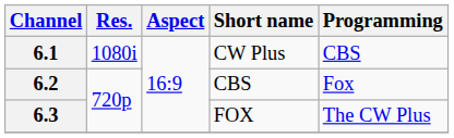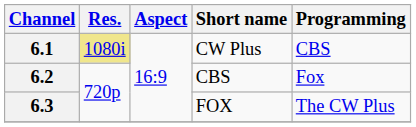 <table class="wikitable">
 <tr>
 <th><a href='#'>Channel</a></th>
 <th><a href='#'>Res.</a></th>
 <th><a href='#'>Aspect</a></th>
 <th>Short name</th>
 <th>Programming</th>
 </tr>
 <tr>
 <th scope = "row">6.1</th>
-<td><a href='#'>1080i</a></td>
+<td style="background: khaki;"><a href='#'>1080i</a></td>
 <td rowspan=3><a href='#'>16:9</a></td>
 <td>CW Plus</td>
 <td><a href='#'>CBS</a></td>
 </tr>
 <tr>
 <th scope = "row">6.2</th>
 <td rowspan=2><a href='#'>720p</a></td>
 <td>CBS</td>
 <td><a href='#'>Fox</a></td>
 </tr>
 <tr>
 <th scope = "row">6.3</th>
 <td>FOX</td>
 <td><a href='#'>The CW Plus</a></td>
 </tr>
 <tr>
 </tr>
 </table>
